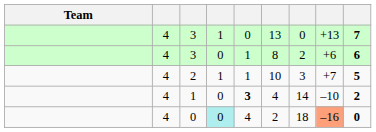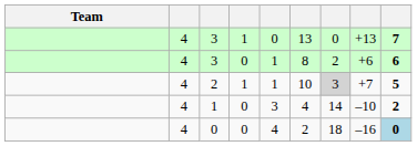 <table class="wikitable" style="text-align: center; font-size: 90%;">
 <tr>
 <th width="165">Team</th>
 <th width="25"></th>
 <th width="25"></th>
 <th width="25"></th>
 <th width="25"></th>
 <th width="25"></th>
 <th width="25"></th>
 <th width="25"></th>
 <th width="25"></th>
 </tr>
 <tr style="background:#ccffcc">
 <td style="text-align:left"></td>
 <td>4</td>
 <td>3</td>
 <td>1</td>
 <td>0</td>
 <td>13</td>
 <td>0</td>
 <td>+13</td>
 <td><strong>7</strong></td>
 </tr>
 <tr style="background:#ccffcc">
 <td style="text-align:left"></td>
 <td>4</td>
 <td>3</td>
 <td>0</td>
 <td>1</td>
 <td>8</td>
 <td>2</td>
 <td>+6</td>
 <td><strong>6</strong></td>
 </tr>
 <tr>
 <td style="text-align:left"></td>
 <td>4</td>
 <td>2</td>
 <td>1</td>
 <td>1</td>
 <td>10</td>
-<td>3</td>
+<td style="background: lightgrey;">3</td>
 <td>+7</td>
 <td><strong>5</strong></td>
 </tr>
 <tr>
 <td style="text-align:left"></td>
 <td>4</td>
 <td>1</td>
 <td>0</td>
-<td><strong>3</strong></td>
+<td>3</td>
 <td>4</td>
 <td>14</td>
 <td>–10</td>
 <td><strong>2</strong></td>
 </tr>
 <tr>
 <td style="text-align:left"></td>
 <td>4</td>
 <td>0</td>
-<td style="background: paleturquoise;">0</td>
+<td>0</td>
 <td>4</td>
 <td>2</td>
 <td>18</td>
-<td style="background: lightsalmon;">–16</td>
-<td><strong>0</strong></td>
+<td>–16</td>
+<td style="background: lightblue;"><strong>0</strong></td>
 </tr>
 </table>
